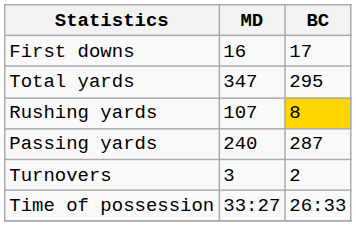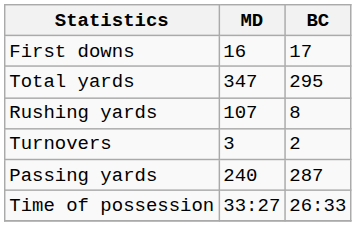 <table class="wikitable">
 <tr>
 <th>Statistics</th>
 <th>MD</th>
 <th>BC</th>
 </tr>
 <tr>
 <td>First downs</td>
 <td>16</td>
 <td>17</td>
 </tr>
 <tr>
 <td>Total yards</td>
 <td>347</td>
 <td>295</td>
 </tr>
 <tr>
 <td>Rushing yards</td>
 <td>107</td>
-<td style="background: gold;">8</td>
+<td>8</td>
+</tr>
+<tr>
+<td>Turnovers</td>
+<td>3</td>
+<td>2</td>
 </tr>
 <tr>
 <td>Passing yards</td>
 <td>240</td>
 <td>287</td>
-</tr>
-<tr>
-<td>Turnovers</td>
-<td>3</td>
-<td>2</td>
 </tr>
 <tr>
 <td>Time of possession</td>
 <td>33:27</td>
 <td>26:33</td>
 </tr>
 <tr>
 </tr>
 </table>
